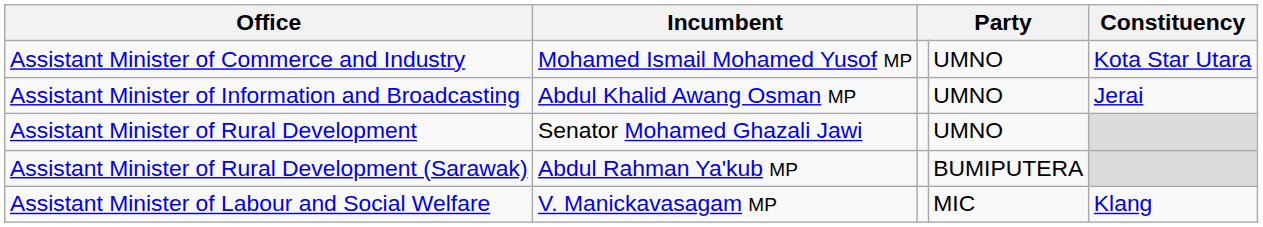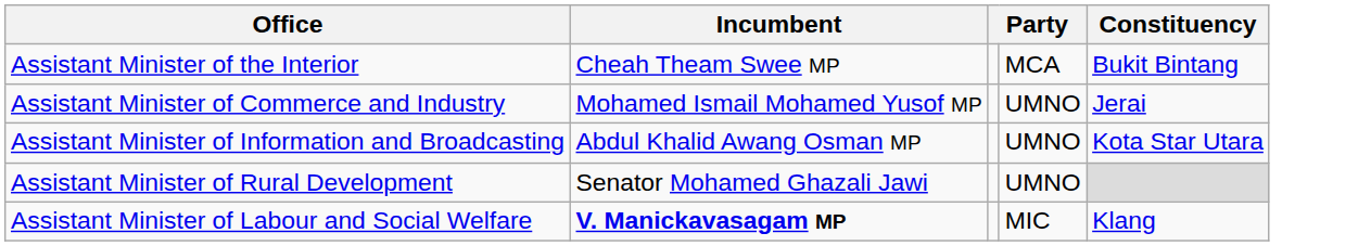 <table class="sortable wikitable">
 <tr>
 <th>Office</th>
 <th>Incumbent</th>
 <th colspan=2>Party</th>
 <th>Constituency</th>
 </tr>
 <tr>
+<td><a href='#'>Assistant Minister of the Interior</a></td>
+<td><a href='#'>Cheah Theam Swee</a> <small>MP</small></td>
+<td rowspan=1></td>
+<td>MCA</td>
+<td><a href='#'>Bukit Bintang</a></td>
+</tr>
+<tr>
 <td><a href='#'>Assistant Minister of Commerce and Industry</a></td>
 <td><a href='#'>Mohamed Ismail Mohamed Yusof</a> <small>MP</small></td>
 <td rowspan=1></td>
 <td>UMNO</td>
-<td><a href='#'>Kota Star Utara</a></td>
+<td><a href='#'>Jerai</a></td>
 </tr>
 <tr>
 <td><a href='#'>Assistant Minister of Information and Broadcasting</a></td>
 <td><a href='#'>Abdul Khalid Awang Osman</a> <small>MP</small></td>
 <td rowspan=1></td>
 <td>UMNO</td>
-<td><a href='#'>Jerai</a></td>
+<td><a href='#'>Kota Star Utara</a></td>
 </tr>
 <tr>
 <td><a href='#'>Assistant Minister of Rural Development</a></td>
 <td>Senator <a href='#'>Mohamed Ghazali Jawi</a></td>
 <td rowspan=1></td>
 <td>UMNO</td>
 <td bgcolor=dcdcdc></td>
 </tr>
 <tr>
-<td><a href='#'>Assistant Minister of Rural Development (Sarawak)</a></td>
-<td><a href='#'>Abdul Rahman Ya'kub</a> <small>MP</small></td>
-<td rowspan=1></td>
-<td>BUMIPUTERA</td>
-<td bgcolor=dcdcdc></td>
-</tr>
-<tr>
 <td><a href='#'>Assistant Minister of Labour and Social Welfare</a></td>
-<td><a href='#'>V. Manickavasagam</a> <small>MP</small></td>
+<td><strong><a href='#'>V. Manickavasagam</a> <small>MP</small></strong></td>
 <td rowspan=1></td>
 <td>MIC</td>
 <td><a href='#'>Klang</a></td>
 </tr>
 </table>
